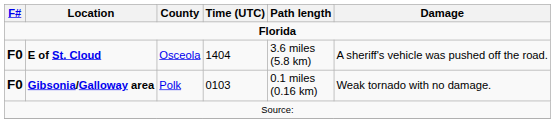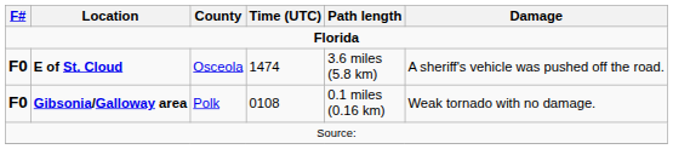 <table class="wikitable">
 <tr>
 <th><a href='#'>F#</a></th>
 <th>Location</th>
 <th>County</th>
 <th>Time (UTC)</th>
 <th>Path length</th>
 <th>Damage</th>
 </tr>
 <tr>
 <td colspan="7" align=center><strong>Florida</strong></td>
 </tr>
 <tr>
 <td><big><strong>F0</strong></big></td>
 <td><strong>E of <a href='#'>St. Cloud</a></strong></td>
 <td><a href='#'>Osceola</a></td>
-<td>1404</td>
+<td>1474</td>
 <td>3.6 miles <br>(5.8 km)</td>
 <td>A sheriff's vehicle was pushed off the road.</td>
 </tr>
 <tr>
 <td><big><strong>F0</strong></big></td>
 <td><strong><a href='#'>Gibsonia</a>/<a href='#'>Galloway</a> area</strong></td>
 <td><a href='#'>Polk</a></td>
-<td>0103</td>
+<td>0108</td>
 <td>0.1 miles <br> (0.16 km)</td>
 <td>Weak tornado with no damage.</td>
 </tr>
 <tr>
 <td colspan="7" align=center><small>Source: </small></td>
 </tr>
 <tr>
 </tr>
 </table>
